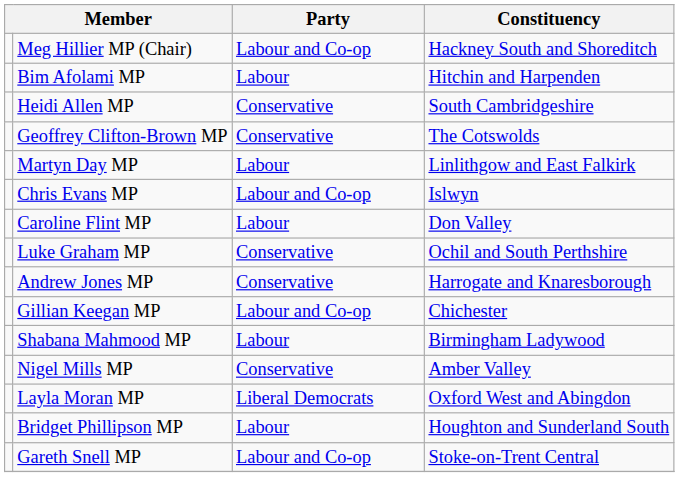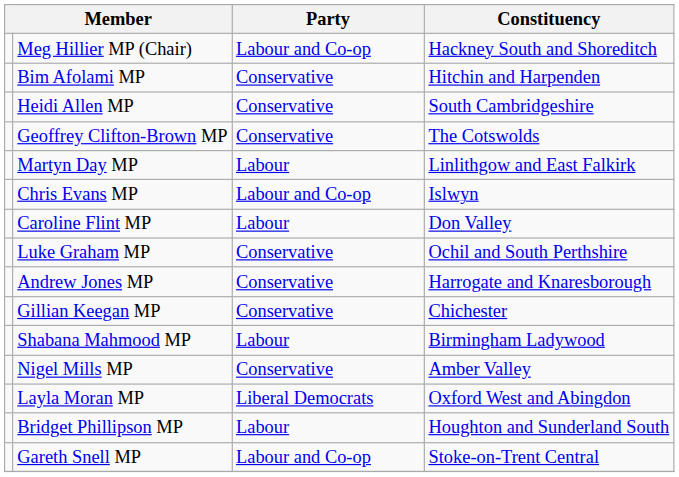 <table class="wikitable">
 <tr>
 <th width="160px" colspan="2" valign="top">Member</th>
 <th width="160px" valign="top">Party</th>
 <th valign="top">Constituency</th>
 </tr>
 <tr>
 <td style="color:inherit;background:"></td>
 <td><a href='#'>Meg Hillier</a> MP (Chair)</td>
 <td><a href='#'>Labour and Co-op</a></td>
 <td><a href='#'>Hackney South and Shoreditch</a></td>
 </tr>
 <tr>
 <td style="color:inherit;background:"></td>
 <td><a href='#'>Bim Afolami</a> MP</td>
-<td><a href='#'>Labour</a></td>
+<td><a href='#'>Conservative</a></td>
 <td><a href='#'>Hitchin and Harpenden</a></td>
 </tr>
 <tr>
 <td style="color:inherit;background:"></td>
 <td><a href='#'>Heidi Allen</a> MP</td>
 <td><a href='#'>Conservative</a></td>
 <td><a href='#'>South Cambridgeshire</a></td>
 </tr>
 <tr>
 <td style="color:inherit;background:"></td>
 <td><a href='#'>Geoffrey Clifton-Brown</a> MP</td>
 <td><a href='#'>Conservative</a></td>
 <td><a href='#'>The Cotswolds</a></td>
 </tr>
 <tr>
 <td style="color:inherit;background:"></td>
 <td><a href='#'>Martyn Day</a> MP</td>
 <td><a href='#'>Labour</a></td>
 <td><a href='#'>Linlithgow and East Falkirk</a></td>
 </tr>
 <tr>
 <td style="color:inherit;background:"></td>
 <td><a href='#'>Chris Evans</a> MP</td>
 <td><a href='#'>Labour and Co-op</a></td>
 <td><a href='#'>Islwyn</a></td>
 </tr>
 <tr>
 <td style="color:inherit;background:"></td>
 <td><a href='#'>Caroline Flint</a> MP</td>
 <td><a href='#'>Labour</a></td>
 <td><a href='#'>Don Valley</a></td>
 </tr>
 <tr>
 <td style="color:inherit;background:"></td>
 <td><a href='#'>Luke Graham</a> MP</td>
 <td><a href='#'>Conservative</a></td>
 <td><a href='#'>Ochil and South Perthshire</a></td>
 </tr>
 <tr>
 <td style="color:inherit;background:"></td>
 <td><a href='#'>Andrew Jones</a> MP</td>
 <td><a href='#'>Conservative</a></td>
 <td><a href='#'>Harrogate and Knaresborough</a></td>
 </tr>
 <tr>
 <td style="color:inherit;background:"></td>
 <td><a href='#'>Gillian Keegan</a> MP</td>
-<td><a href='#'>Labour and Co-op</a></td>
+<td><a href='#'>Conservative</a></td>
 <td><a href='#'>Chichester</a></td>
 </tr>
 <tr>
 <td style="color:inherit;background:"></td>
 <td><a href='#'>Shabana Mahmood</a> MP</td>
 <td><a href='#'>Labour</a></td>
 <td><a href='#'>Birmingham Ladywood</a></td>
 </tr>
 <tr>
 <td style="color:inherit;background:"></td>
 <td><a href='#'>Nigel Mills</a> MP</td>
 <td><a href='#'>Conservative</a></td>
 <td><a href='#'>Amber Valley</a></td>
 </tr>
 <tr>
 <td style="color:inherit;background:"></td>
 <td><a href='#'>Layla Moran</a> MP</td>
 <td><a href='#'>Liberal Democrats</a></td>
 <td><a href='#'>Oxford West and Abingdon</a></td>
 </tr>
 <tr>
 <td style="color:inherit;background:"></td>
 <td><a href='#'>Bridget Phillipson</a> MP</td>
 <td><a href='#'>Labour</a></td>
 <td><a href='#'>Houghton and Sunderland South</a></td>
 </tr>
 <tr>
 <td style="color:inherit;background:"></td>
 <td><a href='#'>Gareth Snell</a> MP</td>
 <td><a href='#'>Labour and Co-op</a></td>
 <td><a href='#'>Stoke-on-Trent Central</a></td>
 </tr>
 <tr>
 </tr>
 </table>
